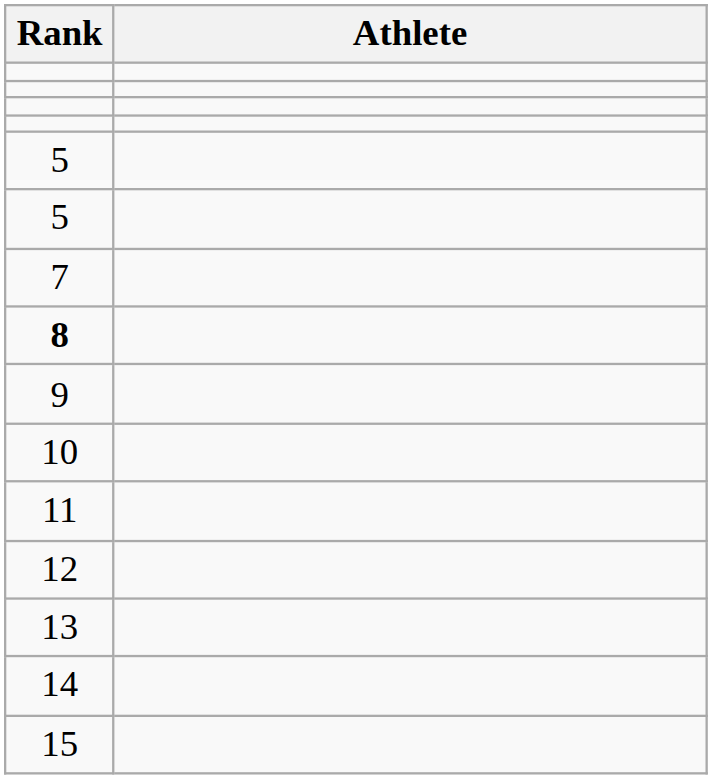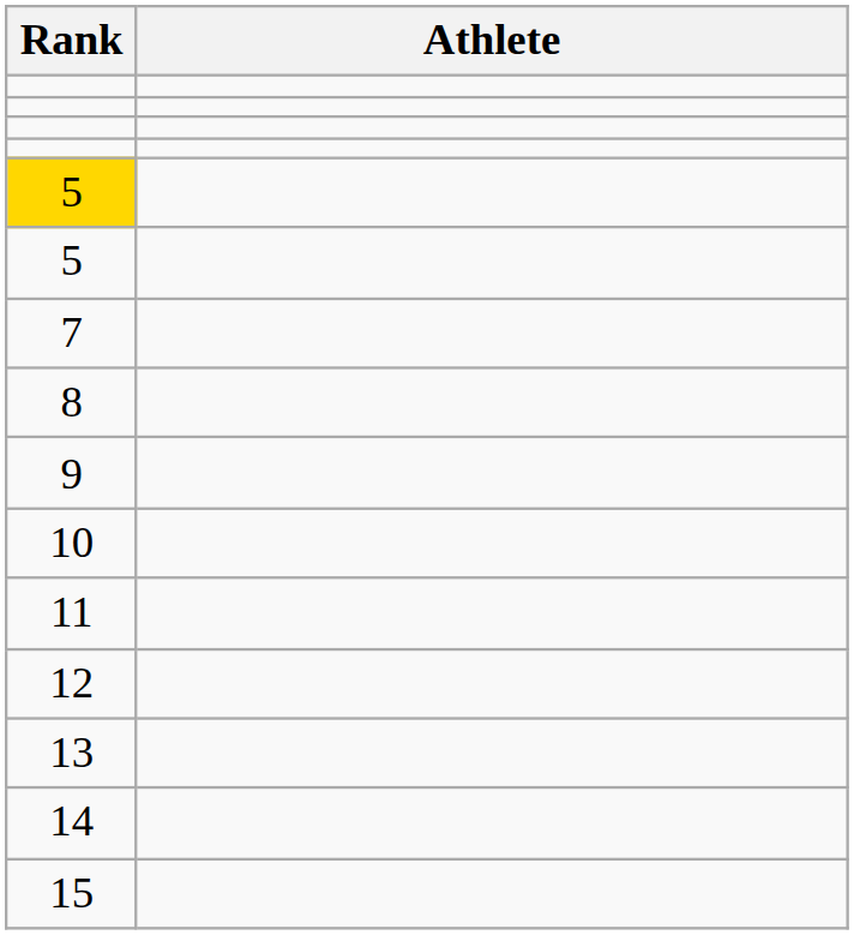 <table class="wikitable" style="text-align: center;">
 <tr>
 <th width=40>Rank</th>
 <th width=250>Athlete</th>
 </tr>
 <tr>
 <td></td>
 <td align=left></td>
 </tr>
 <tr>
 <td></td>
 <td align=left></td>
 </tr>
 <tr>
 <td></td>
 <td align=left></td>
 </tr>
 <tr>
 <td></td>
 <td align=left></td>
 </tr>
 <tr>
-<td>5</td>
+<td style="background: gold;">5</td>
 <td align=left></td>
 </tr>
 <tr>
 <td>5</td>
 <td align=left></td>
 </tr>
 <tr>
 <td>7</td>
 <td align=left></td>
 </tr>
 <tr>
-<td><strong>8</strong></td>
+<td>8</td>
 <td align=left></td>
 </tr>
 <tr>
 <td>9</td>
 <td align=left></td>
 </tr>
 <tr>
 <td>10</td>
 <td align=left></td>
 </tr>
 <tr>
 <td>11</td>
 <td align=left></td>
 </tr>
 <tr>
 <td>12</td>
 <td align=left></td>
 </tr>
 <tr>
 <td>13</td>
 <td align=left></td>
 </tr>
 <tr>
 <td>14</td>
 <td align=left></td>
 </tr>
 <tr>
 <td>15</td>
 <td align=left></td>
 </tr>
 </table>
